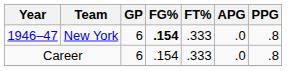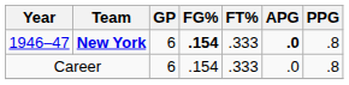 <table class="wikitable sortable" style="font-size:95%; text-align:right;">
 <tr>
 <th>Year</th>
 <th>Team</th>
 <th>GP</th>
 <th>FG%</th>
 <th>FT%</th>
 <th>APG</th>
 <th>PPG</th>
 </tr>
 <tr>
 <td style="text-align:left;"><a href='#'>1946–47</a></td>
-<td style="text-align:left;"><a href='#'>New York</a></td>
+<td style="text-align:left;"><strong><a href='#'>New York</a></strong></td>
 <td>6</td>
 <td><strong>.154</strong></td>
 <td>.333</td>
-<td>.0</td>
+<td><strong>.0</strong></td>
 <td>.8</td>
 </tr>
 <tr>
 <td style="text-align:center;" colspan="2">Career</td>
 <td>6</td>
 <td>.154</td>
 <td>.333</td>
 <td>.0</td>
 <td>.8</td>
 </tr>
 <tr>
 </tr>
 </table>
